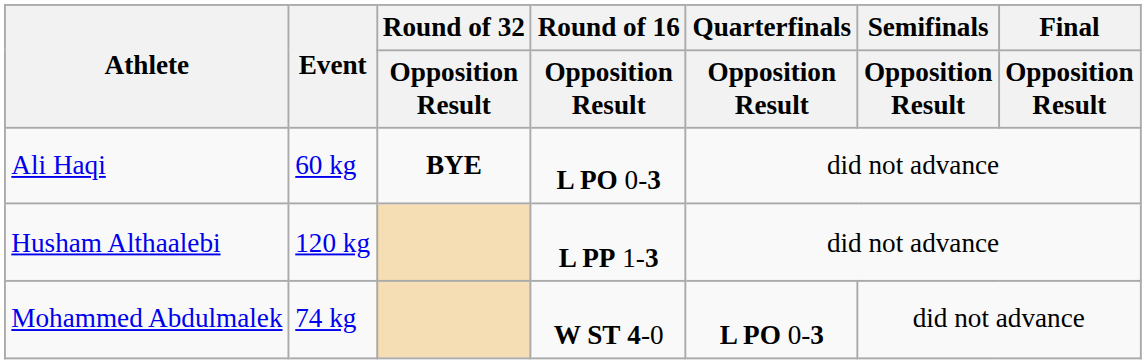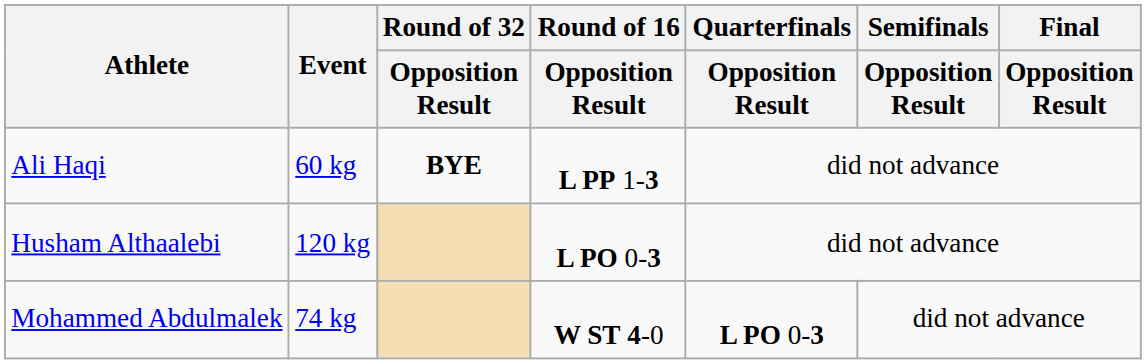 <table class="wikitable" border="1" style="font-size:90%">
 <tr>
 <th rowspan=2>Athlete</th>
 <th rowspan=2>Event</th>
 <th>Round of 32</th>
 <th>Round of 16</th>
 <th>Quarterfinals</th>
 <th>Semifinals</th>
 <th>Final</th>
 </tr>
 <tr>
 <th>Opposition<br>Result</th>
 <th>Opposition<br>Result</th>
 <th>Opposition<br>Result</th>
 <th>Opposition<br>Result</th>
 <th>Opposition<br>Result</th>
 </tr>
 <tr>
 <td><a href='#'>Ali Haqi</a></td>
 <td><a href='#'>60 kg</a></td>
 <td align=center><strong>BYE</strong></td>
-<td align=center><br><strong>L PO</strong> 0-<strong>3</strong></td>
+<td align=center><br><strong>L PP</strong> 1-<strong>3</strong></td>
 <td align=center colspan="7">did not advance</td>
 </tr>
 <tr>
 <td><a href='#'>Husham Althaalebi</a></td>
 <td><a href='#'>120 kg</a></td>
 <td bgcolor="wheat"></td>
-<td align=center><br><strong>L PP</strong> 1-<strong>3</strong></td>
+<td align=center><br><strong>L PO</strong> 0-<strong>3</strong></td>
 <td align=center colspan="7">did not advance</td>
 </tr>
 <tr>
 <td><a href='#'>Mohammed Abdulmalek</a></td>
 <td><a href='#'>74 kg</a></td>
 <td bgcolor="wheat"></td>
 <td align=center><br><strong>W ST</strong> <strong>4</strong>-0</td>
 <td align=center><br><strong>L PO</strong> 0-<strong>3</strong></td>
 <td align=center colspan="7">did not advance</td>
 </tr>
 </table>
